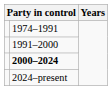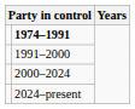 <table class="wikitable">
 <tr>
 <th colspan=2>Party in control</th>
 <th>Years</th>
 </tr>
 <tr>
 <td></td>
-<td>1974–1991</td>
+<td><strong>1974–1991</strong></td>
 </tr>
 <tr>
 <td></td>
 <td>1991–2000</td>
 </tr>
 <tr>
 <td></td>
-<td><strong>2000–2024</strong></td>
+<td>2000–2024</td>
 </tr>
 <tr>
 <td></td>
 <td>2024–present</td>
 </tr>
 </table>
